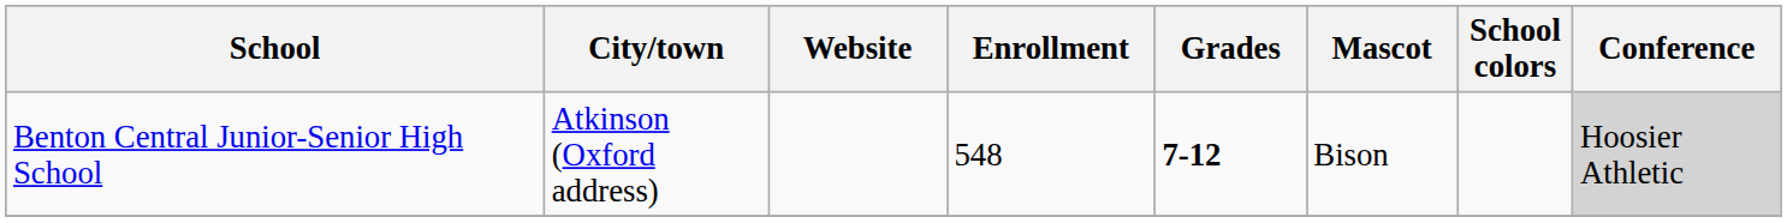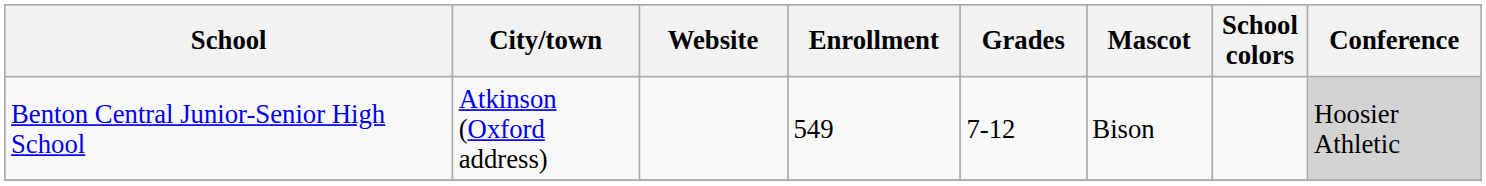 <table class="wikitable sortable" width="70%">
 <tr>
 <th width="20%">School</th>
 <th width="08%">City/town</th>
 <th width="06%">Website</th>
 <th width="04%">Enrollment</th>
 <th width="04%">Grades</th>
 <th width="04%">Mascot</th>
 <th width=01%>School colors</th>
 <th width="04%">Conference</th>
 </tr>
 <tr>
 <td><a href='#'>Benton Central Junior-Senior High School</a></td>
 <td><a href='#'>Atkinson</a> <br>(<a href='#'>Oxford</a> address)</td>
 <td></td>
-<td>548</td>
-<td><strong>7-12</strong></td>
+<td>549</td>
+<td>7-12</td>
 <td>Bison</td>
 <td> </td>
 <td style="background: lightgrey;">Hoosier Athletic</td>
 </tr>
 <tr>
 </tr>
 </table>
